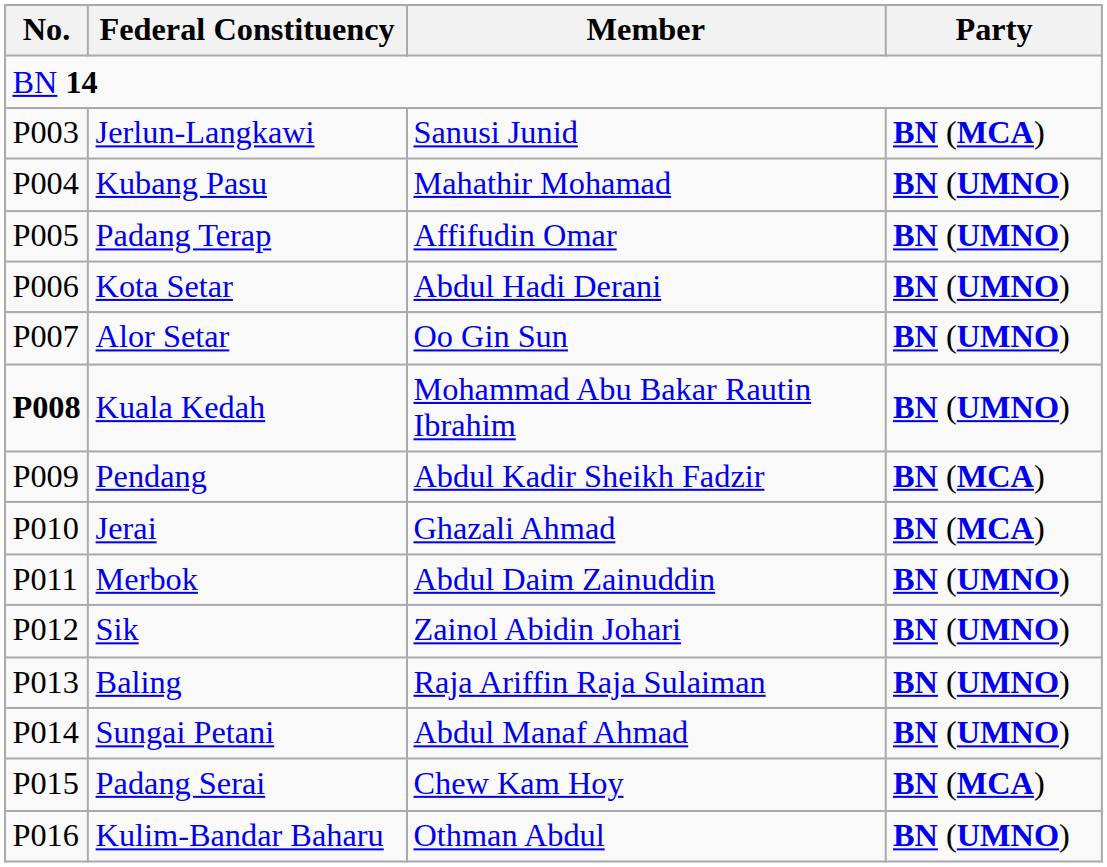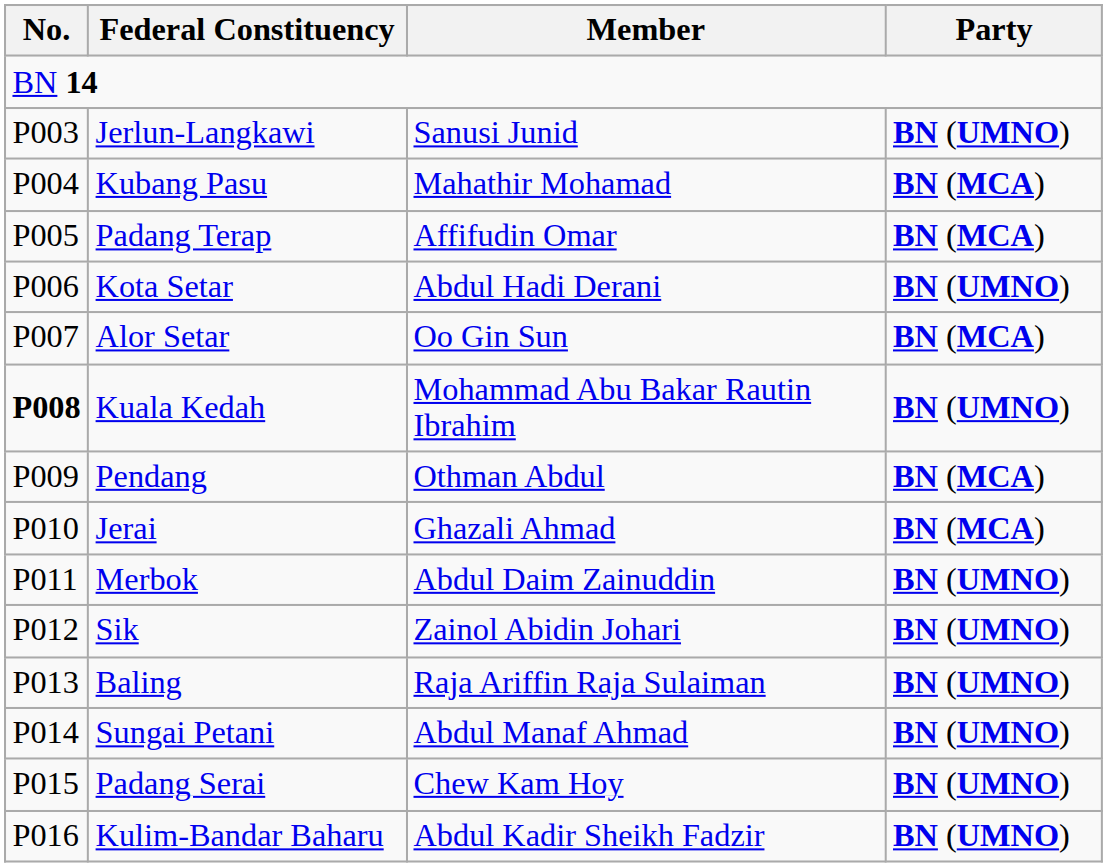 <table class="wikitable sortable">
 <tr>
 <th style="width:30px;">No.</th>
 <th style="width:150px;">Federal Constituency</th>
 <th style="width:230px;">Member</th>
 <th style="width:100px;">Party</th>
 </tr>
 <tr>
 <td colspan="4"><a href='#'>BN</a> <strong>14</strong></td>
 </tr>
 <tr>
 <td>P003</td>
 <td><a href='#'>Jerlun-Langkawi</a></td>
 <td><a href='#'>Sanusi Junid</a></td>
-<td><strong><a href='#'>BN</a></strong> (<strong><a href='#'>MCA</a></strong>)</td>
+<td><strong><a href='#'>BN</a></strong> (<strong><a href='#'>UMNO</a></strong>)</td>
 </tr>
 <tr>
 <td>P004</td>
 <td><a href='#'>Kubang Pasu</a></td>
 <td><a href='#'>Mahathir Mohamad</a></td>
-<td><strong><a href='#'>BN</a></strong> (<strong><a href='#'>UMNO</a></strong>)</td>
+<td><strong><a href='#'>BN</a></strong> (<strong><a href='#'>MCA</a></strong>)</td>
 </tr>
 <tr>
 <td>P005</td>
 <td><a href='#'>Padang Terap</a></td>
 <td><a href='#'>Affifudin Omar</a></td>
-<td><strong><a href='#'>BN</a></strong> (<strong><a href='#'>UMNO</a></strong>)</td>
+<td><strong><a href='#'>BN</a></strong> (<strong><a href='#'>MCA</a></strong>)</td>
 </tr>
 <tr>
 <td>P006</td>
 <td><a href='#'>Kota Setar</a></td>
 <td><a href='#'>Abdul Hadi Derani</a></td>
 <td><strong><a href='#'>BN</a></strong> (<strong><a href='#'>UMNO</a></strong>)</td>
 </tr>
 <tr>
 <td>P007</td>
 <td><a href='#'>Alor Setar</a></td>
 <td><a href='#'>Oo Gin Sun</a></td>
-<td><strong><a href='#'>BN</a></strong> (<strong><a href='#'>UMNO</a></strong>)</td>
+<td><strong><a href='#'>BN</a></strong> (<strong><a href='#'>MCA</a></strong>)</td>
 </tr>
 <tr>
 <td><strong>P008</strong></td>
 <td><a href='#'>Kuala Kedah</a></td>
 <td><a href='#'>Mohammad Abu Bakar Rautin Ibrahim</a></td>
 <td><strong><a href='#'>BN</a></strong> (<strong><a href='#'>UMNO</a></strong>)</td>
 </tr>
 <tr>
 <td>P009</td>
 <td><a href='#'>Pendang</a></td>
-<td><a href='#'>Abdul Kadir Sheikh Fadzir</a></td>
+<td><a href='#'>Othman Abdul</a></td>
 <td><strong><a href='#'>BN</a></strong> (<strong><a href='#'>MCA</a></strong>)</td>
 </tr>
 <tr>
 <td>P010</td>
 <td><a href='#'>Jerai</a></td>
 <td><a href='#'>Ghazali Ahmad</a></td>
 <td><strong><a href='#'>BN</a></strong> (<strong><a href='#'>MCA</a></strong>)</td>
 </tr>
 <tr>
 <td>P011</td>
 <td><a href='#'>Merbok</a></td>
 <td><a href='#'>Abdul Daim Zainuddin</a></td>
 <td><strong><a href='#'>BN</a></strong> (<strong><a href='#'>UMNO</a></strong>)</td>
 </tr>
 <tr>
 <td>P012</td>
 <td><a href='#'>Sik</a></td>
 <td><a href='#'>Zainol Abidin Johari</a></td>
 <td><strong><a href='#'>BN</a></strong> (<strong><a href='#'>UMNO</a></strong>)</td>
 </tr>
 <tr>
 <td>P013</td>
 <td><a href='#'>Baling</a></td>
 <td><a href='#'>Raja Ariffin Raja Sulaiman</a></td>
 <td><strong><a href='#'>BN</a></strong> (<strong><a href='#'>UMNO</a></strong>)</td>
 </tr>
 <tr>
 <td>P014</td>
 <td><a href='#'>Sungai Petani</a></td>
 <td><a href='#'>Abdul Manaf Ahmad</a></td>
 <td><strong><a href='#'>BN</a></strong> (<strong><a href='#'>UMNO</a></strong>)</td>
 </tr>
 <tr>
 <td>P015</td>
 <td><a href='#'>Padang Serai</a></td>
 <td><a href='#'>Chew Kam Hoy</a></td>
-<td><strong><a href='#'>BN</a></strong> (<strong><a href='#'>MCA</a></strong>)</td>
+<td><strong><a href='#'>BN</a></strong> (<strong><a href='#'>UMNO</a></strong>)</td>
 </tr>
 <tr>
 <td>P016</td>
 <td><a href='#'>Kulim-Bandar Baharu</a></td>
-<td><a href='#'>Othman Abdul</a></td>
+<td><a href='#'>Abdul Kadir Sheikh Fadzir</a></td>
 <td><strong><a href='#'>BN</a></strong> (<strong><a href='#'>UMNO</a></strong>)</td>
 </tr>
 </table>
